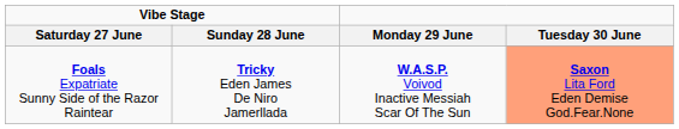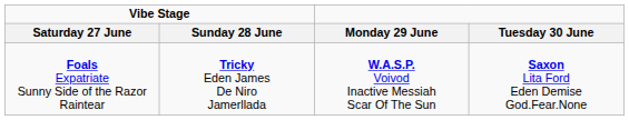 <table class="wikitable">
 <tr>
 <td colspan="2" align="center"><strong>Vibe Stage</strong></td>
 </tr>
 <tr>
 <th>Saturday 27 June</th>
 <th>Sunday 28 June</th>
 <th>Monday 29 June</th>
 <th>Tuesday 30 June</th>
 </tr>
 <tr>
 <td valign="top" align="center" width=200><br><strong><a href='#'>Foals</a></strong> <br><a href='#'>Expatriate</a> <br>Sunny Side of the Razor <br>Raintear</td>
 <td valign="top" align="center" width=200><br><strong><a href='#'>Tricky</a></strong> <br>Eden James <br>De Niro <br>Jamerllada</td>
 <td valign="top" align="center" width=200><br><strong><a href='#'>W.A.S.P.</a></strong> <br><a href='#'>Voivod</a> <br>Inactive Messiah <br>Scar Of The Sun</td>
-<td valign="top" align="center" width=200 style="background: lightsalmon;"><br><strong><a href='#'>Saxon</a></strong> <br><a href='#'>Lita Ford</a> <br>Eden Demise <br>God.Fear.None</td>
+<td valign="top" align="center" width=200><br><strong><a href='#'>Saxon</a></strong> <br><a href='#'>Lita Ford</a> <br>Eden Demise <br>God.Fear.None</td>
 </tr>
 </table>
